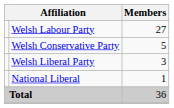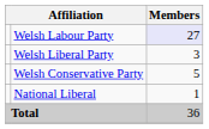 <table class="wikitable">
 <tr>
 <th colspan=2>Affiliation</th>
 <th>Members</th>
 </tr>
 <tr>
 <td style="color:inherit;background:"></td>
 <td><a href='#'>Welsh Labour Party</a></td>
-<td style="text-align:right;">27</td>
+<td style="background: lavender; text-align:right;">27</td>
+</tr>
+<tr>
+<td style="color:inherit;background:"></td>
+<td><a href='#'>Welsh Liberal Party</a></td>
+<td style="text-align:right;">3</td>
 </tr>
 <tr>
 <td style="color:inherit;background:"></td>
 <td><a href='#'>Welsh Conservative Party</a></td>
 <td style="text-align:right;">5</td>
-</tr>
-<tr>
-<td style="color:inherit;background:"></td>
-<td><a href='#'>Welsh Liberal Party</a></td>
-<td style="text-align:right;">3</td>
 </tr>
 <tr>
 <td style="color:inherit;background-color: "></td>
 <td><a href='#'>National Liberal</a></td>
 <td style="text-align:right;">1</td>
 </tr>
 <tr style="background:#ccc;">
 <td colspan=2> <strong>Total</strong></td>
 <td style="text-align:right;">36</td>
 </tr>
 <tr>
 </tr>
 </table>
